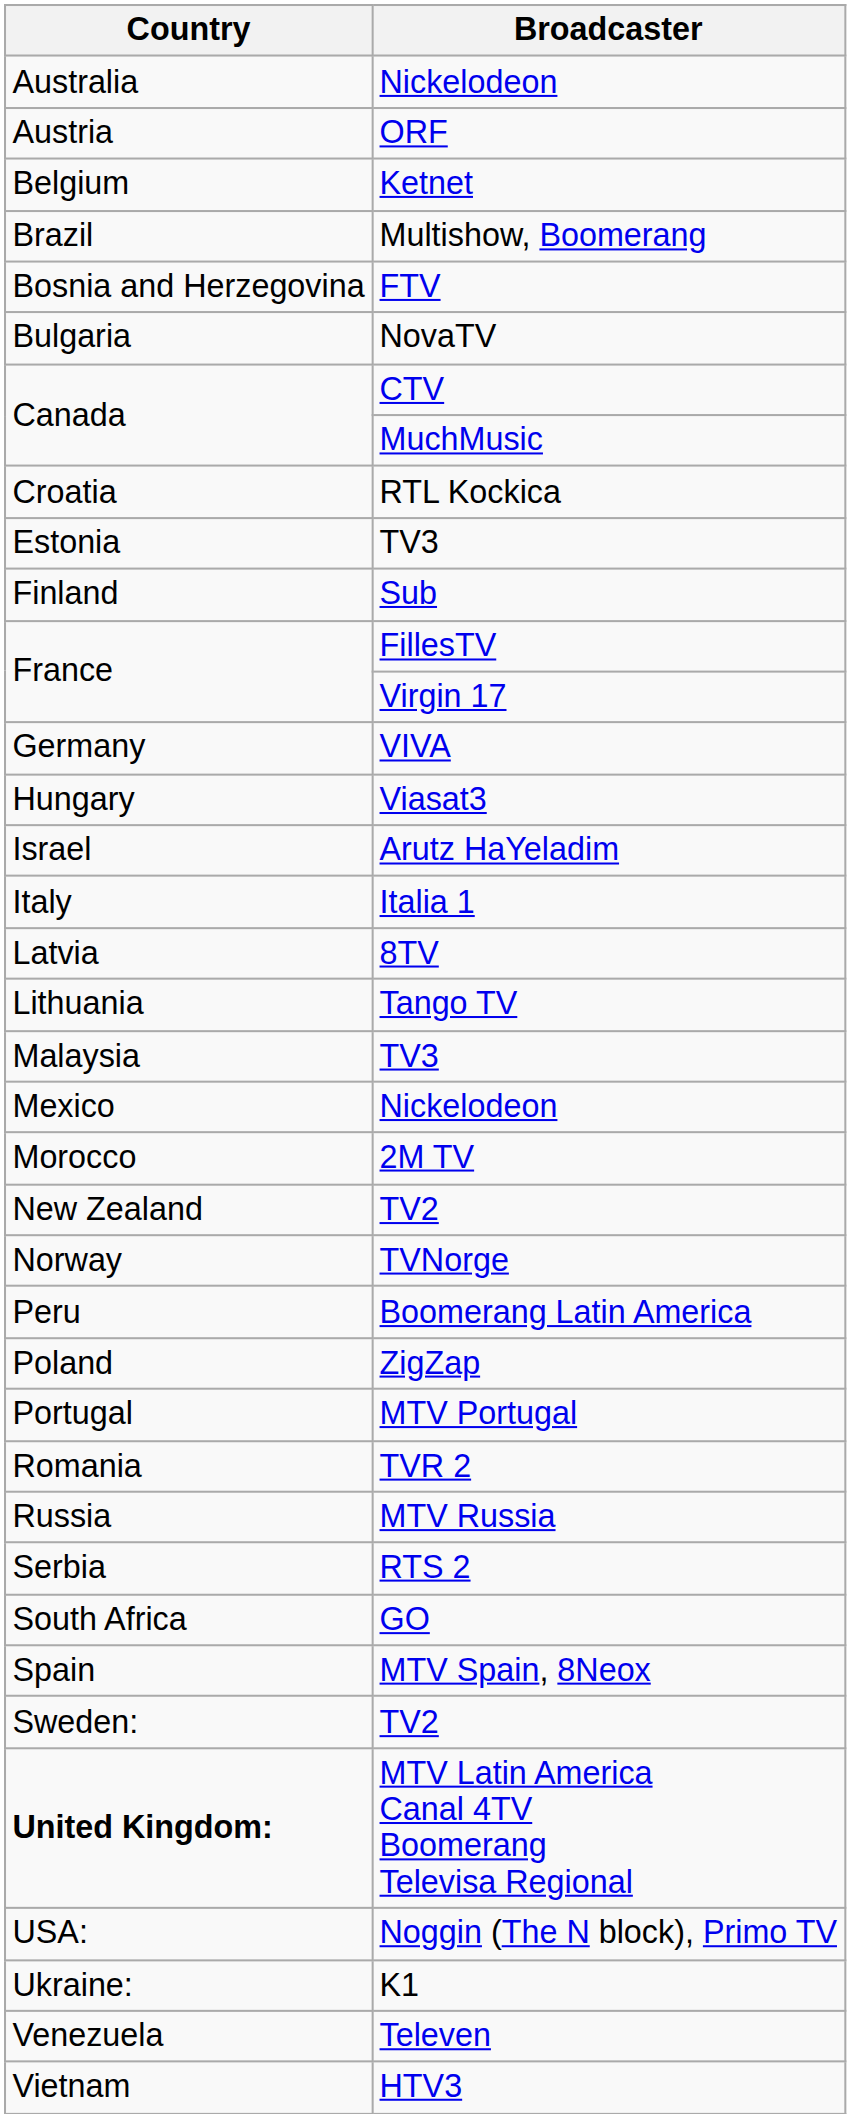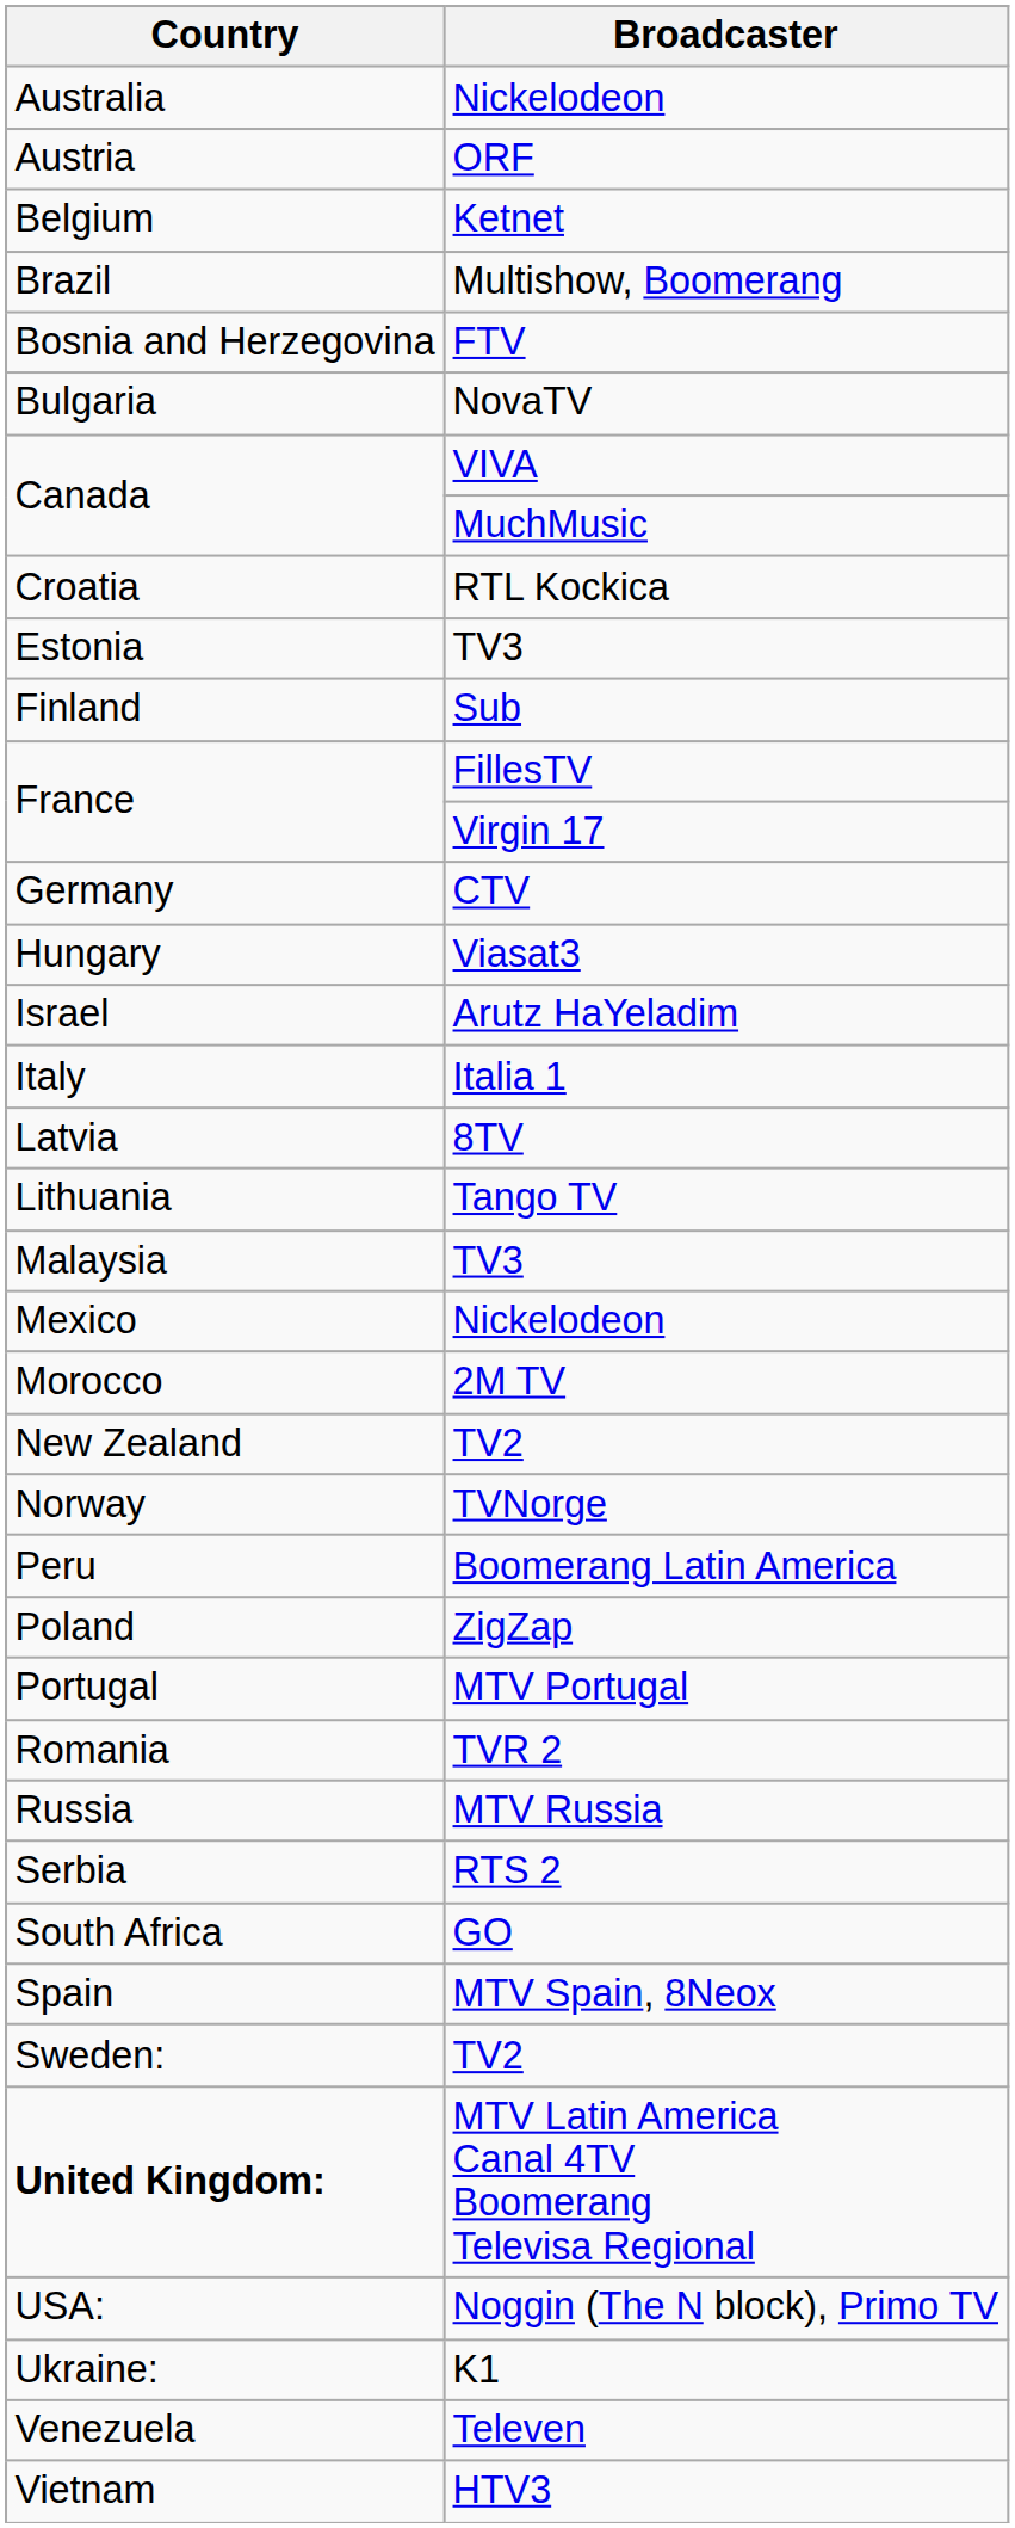 <table class="wikitable" border="1">
 <tr>
 <th>Country</th>
 <th>Broadcaster</th>
 </tr>
 <tr>
 <td>Australia</td>
 <td><a href='#'>Nickelodeon</a></td>
 </tr>
 <tr>
 <td>Austria</td>
 <td><a href='#'>ORF</a></td>
 </tr>
 <tr>
 <td>Belgium</td>
 <td><a href='#'>Ketnet</a></td>
 </tr>
 <tr>
 <td>Brazil</td>
 <td>Multishow, <a href='#'>Boomerang</a></td>
 </tr>
 <tr>
 <td>Bosnia and Herzegovina</td>
 <td><a href='#'>FTV</a></td>
 </tr>
 <tr>
 <td>Bulgaria</td>
 <td>NovaTV</td>
 </tr>
 <tr>
 <td rowspan=2>Canada</td>
-<td><a href='#'>CTV</a></td>
+<td><a href='#'>VIVA</a></td>
 </tr>
 <tr>
 <td><a href='#'>MuchMusic</a></td>
 </tr>
 <tr>
 <td>Croatia</td>
 <td>RTL Kockica</td>
 </tr>
 <tr>
 <td>Estonia</td>
 <td>TV3</td>
 </tr>
 <tr>
 <td>Finland</td>
 <td><a href='#'>Sub</a></td>
 </tr>
 <tr>
 <td rowspan=2>France</td>
 <td><a href='#'>FillesTV</a></td>
 </tr>
 <tr>
 <td><a href='#'>Virgin 17</a></td>
 </tr>
 <tr>
 <td>Germany</td>
-<td><a href='#'>VIVA</a></td>
+<td><a href='#'>CTV</a></td>
 </tr>
 <tr>
 <td>Hungary</td>
 <td><a href='#'>Viasat3</a></td>
 </tr>
 <tr>
 <td>Israel</td>
 <td><a href='#'>Arutz HaYeladim</a></td>
 </tr>
 <tr>
 <td>Italy</td>
 <td><a href='#'>Italia 1</a></td>
 </tr>
 <tr>
 <td>Latvia</td>
 <td><a href='#'>8TV</a></td>
 </tr>
 <tr>
 <td>Lithuania</td>
 <td><a href='#'>Tango TV</a></td>
 </tr>
 <tr>
 <td>Malaysia</td>
 <td><a href='#'>TV3</a></td>
 </tr>
 <tr>
 <td>Mexico</td>
 <td><a href='#'>Nickelodeon</a></td>
 </tr>
 <tr>
 <td>Morocco</td>
 <td><a href='#'>2M TV</a></td>
 </tr>
 <tr>
 <td>New Zealand</td>
 <td><a href='#'>TV2</a></td>
 </tr>
 <tr>
 <td>Norway</td>
 <td><a href='#'>TVNorge</a></td>
 </tr>
 <tr>
 <td>Peru</td>
 <td><a href='#'>Boomerang Latin America</a></td>
 </tr>
 <tr>
 <td>Poland</td>
 <td><a href='#'>ZigZap</a></td>
 </tr>
 <tr>
 <td>Portugal</td>
 <td><a href='#'>MTV Portugal</a></td>
 </tr>
 <tr>
 <td>Romania</td>
 <td><a href='#'>TVR 2</a></td>
 </tr>
 <tr>
 <td>Russia</td>
 <td><a href='#'>MTV Russia</a></td>
 </tr>
 <tr Federalna televizija|FTV>
 <td>Serbia</td>
 <td><a href='#'>RTS 2</a></td>
 </tr>
 <tr>
 <td>South Africa</td>
 <td><a href='#'>GO</a></td>
 </tr>
 <tr>
 <td>Spain</td>
 <td><a href='#'>MTV Spain</a>, <a href='#'>8Neox</a></td>
 </tr>
 <tr>
 <td>Sweden:</td>
 <td><a href='#'>TV2</a></td>
 </tr>
 <tr>
 <td><strong>United Kingdom:</strong></td>
 <td><a href='#'>MTV Latin America</a> <br><a href='#'>Canal 4TV</a><br><a href='#'>Boomerang</a> <br><a href='#'>Televisa Regional</a></td>
 </tr>
 <tr>
 <td>USA:</td>
 <td><a href='#'>Noggin</a> (<a href='#'>The N</a> block), <a href='#'>Primo TV</a></td>
 </tr>
 <tr>
 <td>Ukraine:</td>
 <td>K1</td>
 </tr>
 <tr>
 <td>Venezuela</td>
 <td><a href='#'>Televen</a></td>
 </tr>
 <tr>
 <td>Vietnam</td>
 <td><a href='#'>HTV3</a></td>
 </tr>
 </table>
